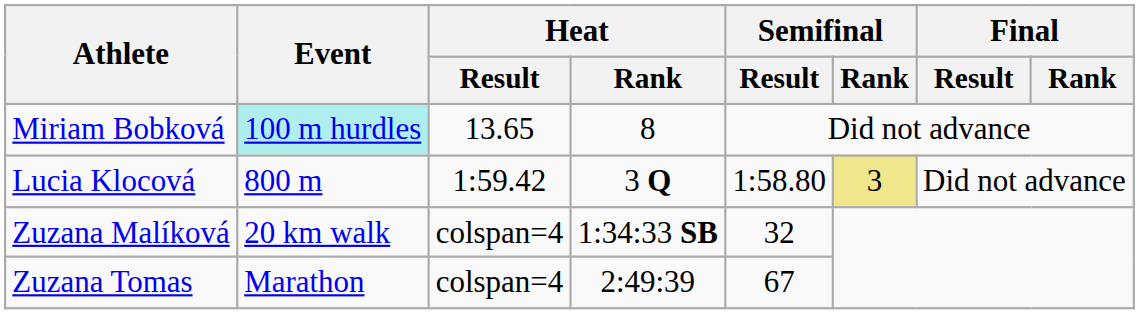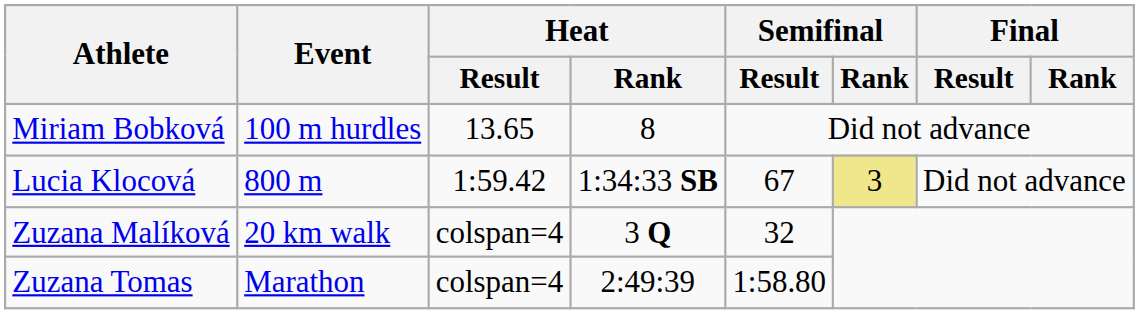 <table class=wikitable style="font-size:90%">
 <tr>
 <th rowspan="2">Athlete</th>
 <th rowspan="2">Event</th>
 <th colspan="2">Heat</th>
 <th colspan="2">Semifinal</th>
 <th colspan="2">Final</th>
 </tr>
 <tr style="font-size:95%">
 <th>Result</th>
 <th>Rank</th>
 <th>Result</th>
 <th>Rank</th>
 <th>Result</th>
 <th>Rank</th>
 </tr>
 <tr align=center>
 <td align=left><a href='#'>Miriam Bobková</a></td>
-<td align=left style="background: paleturquoise;"><a href='#'>100 m hurdles</a></td>
+<td align=left><a href='#'>100 m hurdles</a></td>
 <td>13.65</td>
 <td>8</td>
 <td colspan=4>Did not advance</td>
 </tr>
 <tr align=center>
 <td align=left><a href='#'>Lucia Klocová</a></td>
 <td align=left><a href='#'>800 m</a></td>
 <td>1:59.42</td>
-<td>3 <strong>Q</strong></td>
-<td>1:58.80</td>
+<td>1:34:33 <strong>SB</strong></td>
+<td>67</td>
 <td style="background: khaki;">3</td>
 <td colspan=2>Did not advance</td>
 </tr>
 <tr align=center>
 <td align=left><a href='#'>Zuzana Malíková</a></td>
 <td align=left><a href='#'>20 km walk</a></td>
 <td>colspan=4 </td>
-<td>1:34:33 <strong>SB</strong></td>
+<td>3 <strong>Q</strong></td>
 <td>32</td>
 </tr>
 <tr align=center>
 <td align=left><a href='#'>Zuzana Tomas</a></td>
 <td align=left><a href='#'>Marathon</a></td>
 <td>colspan=4 </td>
 <td>2:49:39</td>
-<td>67</td>
+<td>1:58.80</td>
 </tr>
 </table>
